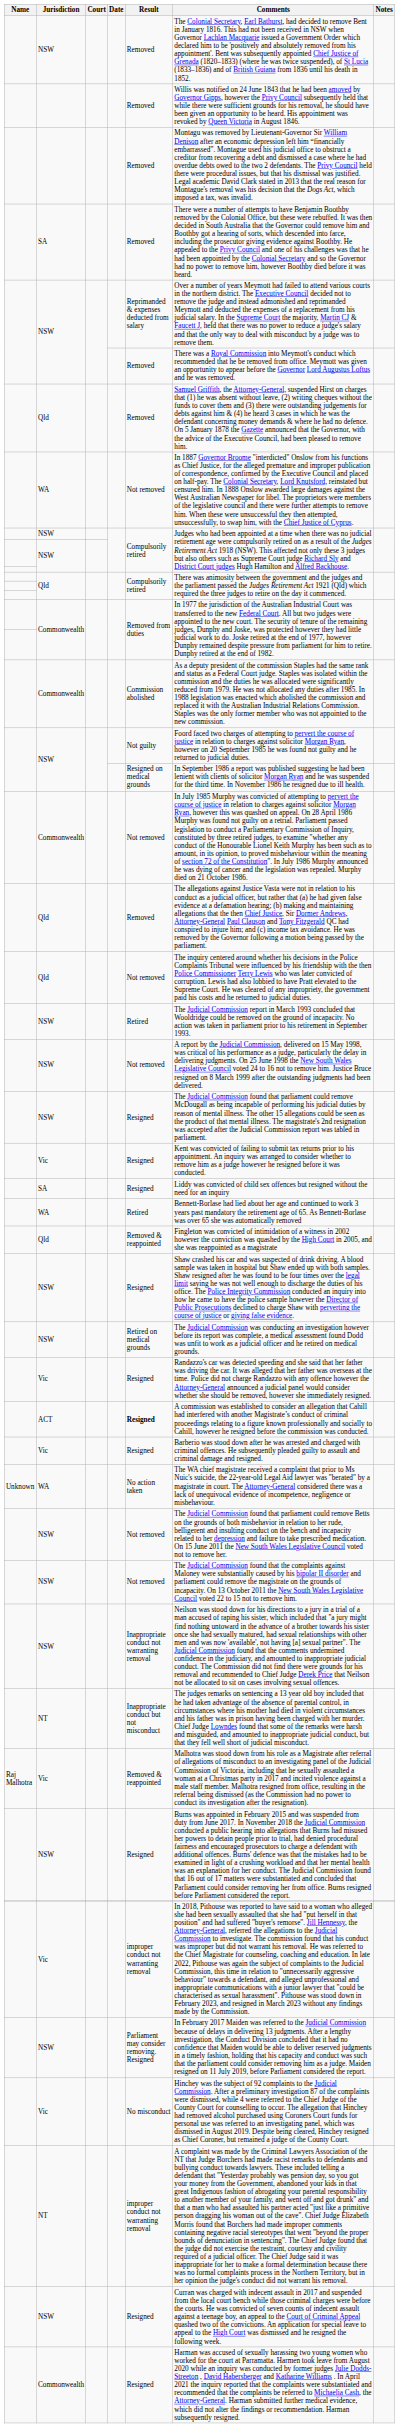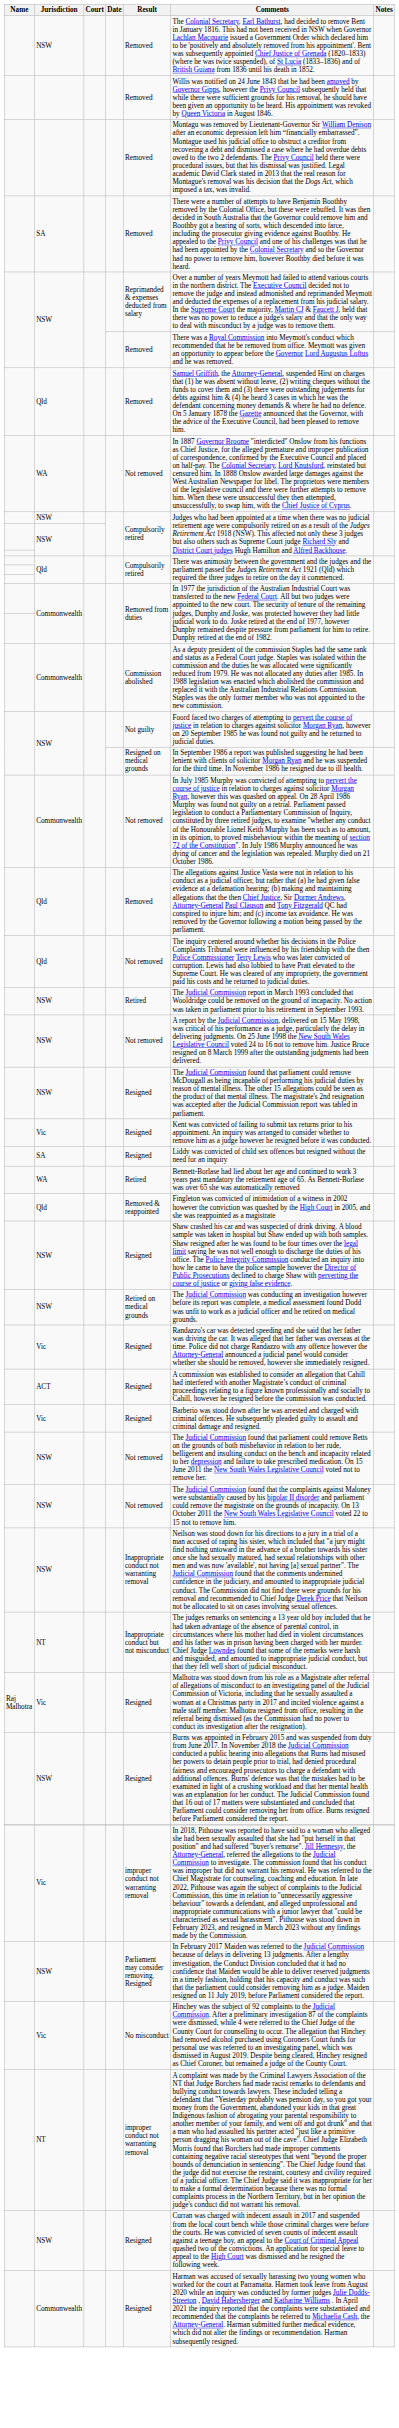 <table class="wikitable sortable" border="1" ||>
 <tr>
 <th>Name</th>
 <th>Jurisdiction</th>
 <th>Court</th>
 <th>Date</th>
 <th>Result</th>
 <th class="unsortable">Comments</th>
 <th class="unsortable">Notes</th>
 </tr>
 <tr>
 <td></td>
 <td>NSW</td>
 <td></td>
 <td></td>
 <td>Removed</td>
 <td>The <a href='#'>Colonial Secretary</a>, <a href='#'>Earl Bathurst</a>, had decided to remove Bent in January 1816. This had not been received in NSW when Governor <a href='#'>Lachlan Macquarie</a> issued a Government Order which declared him to be 'positively and absolutely removed from his appointment'. Bent was subsequently appointed <a href='#'>Chief Justice of Grenada</a> (1820–1833) (where he was twice suspended), of <a href='#'>St Lucia</a> (1833–1836) and of <a href='#'>British Guiana</a> from 1836 until his death in 1852.</td>
 <td></td>
 </tr>
 <tr>
 <td></td>
 <td></td>
 <td></td>
 <td></td>
 <td>Removed</td>
 <td>Willis was notified on 24 June 1843 that he had been <a href='#'>amoved</a> by <a href='#'>Governor Gipps</a>, however the <a href='#'>Privy Council</a> subsequently held that while there were sufficient grounds for his removal, he should have been given an opportunity to be heard. His appointment was revoked by <a href='#'>Queen Victoria</a> in August 1846.</td>
 <td></td>
 </tr>
 <tr>
 <td></td>
 <td></td>
 <td></td>
 <td></td>
 <td>Removed</td>
 <td>Montagu was removed by Lieutenant-Governor Sir <a href='#'>William Denison</a> after an economic depression left him “financially embarrassed”. Montague used his judicial office to obstruct a creditor from recovering a debt and dismissed a case where he had overdue debts owed to the two 2 defendants. The <a href='#'>Privy Council</a> held there were procedural issues, but that his dismissal was justified. Legal academic David Clark stated in 2013 that the real reason for Montague's removal was his decision that the <em>Dogs Act</em>, which imposed a tax, was invalid.</td>
 <td></td>
 </tr>
 <tr>
 <td></td>
 <td>SA</td>
 <td></td>
 <td></td>
 <td>Removed</td>
 <td>There were a number of attempts to have Benjamin Boothby removed by the Colonial Office, but these were rebuffed. It was then decided in South Australia that the Governor could remove him and Boothby got a hearing of sorts, which descended into farce, including the prosecutor giving evidence against Boothby. He appealed to the <a href='#'>Privy Council</a> and one of his challenges was that he had been appointed by the <a href='#'>Colonial Secretary</a> and so the Governor had no power to remove him, however Boothby died before it was heard.</td>
 <td></td>
 </tr>
 <tr>
 <td rowspan="2"></td>
 <td rowspan="2">NSW</td>
 <td rowspan="2"></td>
 <td></td>
 <td>Reprimanded & expenses deducted from salary</td>
 <td>Over a number of years Meymott had failed to attend various courts in the northern district. The <a href='#'>Executive Council</a> decided not to remove the judge and instead admonished and reprimanded Meymott and deducted the expenses of a replacement from his judicial salary.  In the <a href='#'>Supreme Court</a> the majority, <a href='#'>Martin CJ</a> & <a href='#'>Faucett J</a>, held that there was no power to reduce a judge's salary and that the only way to deal with misconduct by a judge was to remove them.</td>
 <td></td>
 </tr>
 <tr>
 <td></td>
 <td>Removed</td>
 <td>There was a <a href='#'>Royal Commission</a> into Meymott's conduct which recommended that he be removed from office. Meymott was given an opportunity to appear before the <a href='#'>Governor</a> <a href='#'>Lord Augustus Loftus</a> and he was removed.</td>
 <td></td>
 </tr>
 <tr>
 <td></td>
 <td>Qld</td>
 <td></td>
 <td></td>
 <td>Removed</td>
 <td><a href='#'>Samuel Griffith</a>, the <a href='#'>Attorney-General</a>, suspended Hirst on charges that (1) he was absent without leave, (2) writing cheques without the funds to cover them and (3) there were outstanding judgements for debts against him & (4) he heard 3 cases in which he was the defendant concerning money demands & where he had no defence. On 5 January 1878 the <a href='#'>Gazette</a> announced that the Governor, with the advice of the Executive Council, had been pleased to remove him.</td>
 <td></td>
 </tr>
 <tr>
 <td></td>
 <td>WA</td>
 <td></td>
 <td></td>
 <td>Not removed</td>
 <td>In 1887 <a href='#'>Governor Broome</a> "interdicted" Onslow from his functions as Chief Justice, for the alleged premature and improper publication of correspondence, confirmed by the Executive Council and placed on half-pay. The <a href='#'>Colonial Secretary</a>, <a href='#'>Lord Knutsford</a>, reinstated but censured him. In 1888 Onslow awarded large damages against the West Australian Newspaper for libel. The proprietors were members of the legislative council and there were further attempts to remove him. When these were unsuccessful they then attempted, unsuccessfully, to swap him, with the <a href='#'>Chief Justice of Cyprus</a>.</td>
 <td></td>
 </tr>
 <tr>
 <td><br></td>
 <td>NSW</td>
 <td></td>
 <td rowspan=3></td>
 <td rowspan=3>Compulsorily retired</td>
 <td rowspan=3>Judges who had been appointed at a time when there was no judicial retirement age were compulsorily retired on as a result of the <em>Judges Retirement Act</em> 1918 (NSW). This affected not only these 3 judges but also others such as Supreme Court judge <a href='#'>Richard Sly</a> and <a href='#'>District Court judges</a> Hugh Hamilton and <a href='#'>Alfred Backhouse</a>.</td>
 <td rowspan=3></td>
 </tr>
 <tr>
 <td></td>
 <td rowspan=2>NSW</td>
 <td rowspan=2></td>
 </tr>
 <tr>
 <td></td>
 </tr>
 <tr>
 <td></td>
 <td rowspan=3>Qld</td>
 <td rowspan=3></td>
 <td rowspan=3></td>
 <td rowspan=3>Compulsorily retired</td>
 <td rowspan=3>There was animosity between the government and the judges and the parliament passed the <em>Judges Retirement Act</em> 1921 (Qld) which required the three judges to retire on the day it commenced.</td>
 <td rowspan=3></td>
 </tr>
 <tr>
 <td></td>
 </tr>
 <tr>
 <td></td>
 </tr>
 <tr>
 <td></td>
 <td rowspan=2>Commonwealth</td>
 <td rowspan=2></td>
 <td rowspan=2></td>
 <td rowspan=2>Removed from duties</td>
 <td rowspan=2>In 1977 the jurisdiction of the Australian Industrial Court was transferred to the new <a href='#'>Federal Court</a>. All but two judges were appointed to the new court. The security of tenure of the remaining judges, Dunphy and Joske, was protected however they had little judicial work to do. Joske retired at the end of 1977, however Dunphy remained despite pressure from parliament for him to retire. Dunphy retired at the end of 1982.</td>
 <td rowspan=2><br></td>
 </tr>
 <tr>
 <td></td>
 </tr>
 <tr>
 <td></td>
 <td>Commonwealth</td>
 <td></td>
 <td></td>
 <td>Commission abolished</td>
 <td>As a deputy president of the commission Staples had the same rank and status as a Federal Court judge. Staples was isolated within the commission and the duties he was allocated were significantly reduced from 1979. He was not allocated any duties after 1985. In 1988 legislation was enacted which abolished the commission and replaced it with the Australian Industrial Relations Commission. Staples was the only former member who was not appointed to the new commission.</td>
 <td></td>
 </tr>
 <tr>
 <td rowspan=2></td>
 <td rowspan=2>NSW</td>
 <td rowspan=2></td>
 <td></td>
 <td>Not guilty</td>
 <td>Foord faced two charges of attempting to <a href='#'>pervert the course of justice</a> in relation to charges against solicitor <a href='#'>Morgan Ryan</a>, however on 20 September 1985 he was found not guilty and he returned to judicial duties.</td>
 <td></td>
 </tr>
 <tr>
 <td></td>
 <td>Resigned on medical grounds</td>
 <td>In September 1986 a report was published suggesting he had been lenient with clients of solicitor <a href='#'>Morgan Ryan</a> and he was suspended for the third time. In November 1986 he resigned due to ill health.</td>
 <td></td>
 </tr>
 <tr>
 <td></td>
 <td>Commonwealth</td>
 <td></td>
 <td></td>
 <td>Not removed</td>
 <td>In July 1985 Murphy was convicted of attempting to <a href='#'>pervert the course of justice</a> in relation to charges against solicitor <a href='#'>Morgan Ryan</a>, however this was quashed on appeal. On 28 April 1986 Murphy was found not guilty on a retrial. Parliament passed legislation to conduct a Parliamentary Commission of Inquiry, constituted by three retired judges, to examine "whether any conduct of the Honourable Lionel Keith Murphy has been such as to amount, in its opinion, to proved misbehaviour within the meaning of <a href='#'>section 72 of the Constitution</a>". In July 1986 Murphy announced he was dying of cancer and the legislation was repealed. Murphy died on 21 October 1986.</td>
 <td></td>
 </tr>
 <tr>
 <td></td>
 <td>Qld</td>
 <td></td>
 <td></td>
 <td>Removed</td>
 <td>The allegations against Justice Vasta were not in relation to his conduct as a judicial officer, but rather that (a) he had given false evidence at a defamation hearing; (b) making and maintaining allegations that the then <a href='#'>Chief Justice</a>, Sir <a href='#'>Dormer Andrews</a>, <a href='#'>Attorney-General</a> <a href='#'>Paul Clauson</a> and <a href='#'>Tony Fitzgerald</a> QC had conspired to injure him; and (c) income tax avoidance. He was removed by the Governor following a motion being passed by the parliament.</td>
 <td></td>
 </tr>
 <tr>
 <td></td>
 <td>Qld</td>
 <td></td>
 <td></td>
 <td>Not removed</td>
 <td>The inquiry centered around whether his decisions in the Police Complaints Tribunal were influenced by his friendship with the then <a href='#'>Police Commissioner</a> <a href='#'>Terry Lewis</a> who was later convicted of corruption. Lewis had also lobbied to have Pratt elevated to the Supreme Court. He was cleared of any impropriety, the government paid his costs and he returned to judicial duties.</td>
 <td></td>
 </tr>
 <tr>
 <td></td>
 <td>NSW</td>
 <td></td>
 <td></td>
 <td>Retired</td>
 <td>The <a href='#'>Judicial Commission</a> report in March 1993 concluded that Wooldridge could be removed on the ground of incapacity. No action was taken in parliament prior to his retirement in September 1993.</td>
 <td></td>
 </tr>
 <tr>
 <td></td>
 <td>NSW</td>
 <td></td>
 <td></td>
 <td>Not removed</td>
 <td>A report by the <a href='#'>Judicial Commission</a>, delivered on 15 May 1998, was critical of his performance as a judge, particularly the delay in delivering judgments. On 25 June 1998 the <a href='#'>New South Wales Legislative Council</a> voted 24 to 16 not to remove him. Justice Bruce resigned on 8 March 1999 after the outstanding judgments had been delivered.</td>
 <td></td>
 </tr>
 <tr>
 <td></td>
 <td>NSW</td>
 <td></td>
 <td></td>
 <td>Resigned</td>
 <td>The <a href='#'>Judicial Commission</a> found that parliament could remove McDougall as being incapable of performing his judicial duties by reason of mental illness. The other 15 allegations could be seen as the product of that mental illness. The magistrate's 2nd resignation was accepted after the Judicial Commission report was tabled in parliament.</td>
 <td></td>
 </tr>
 <tr>
 <td></td>
 <td>Vic</td>
 <td></td>
 <td></td>
 <td>Resigned</td>
 <td>Kent was convicted of failing to submit tax returns prior to his appointment. An inquiry was arranged to consider whether to remove him as a judge however he resigned before it was conducted.</td>
 <td></td>
 </tr>
 <tr>
 <td></td>
 <td>SA</td>
 <td></td>
 <td></td>
 <td>Resigned</td>
 <td>Liddy was convicted of child sex offences but resigned without the need for an inquiry</td>
 <td></td>
 </tr>
 <tr>
 <td></td>
 <td>WA</td>
 <td></td>
 <td></td>
 <td>Retired</td>
 <td>Bennett-Borlase had lied about her age and continued to work 3 years past mandatory the retirement age of 65. As Bennett-Borlase was over 65 she was automatically removed</td>
 <td></td>
 </tr>
 <tr>
 <td></td>
 <td>Qld</td>
 <td></td>
 <td></td>
 <td>Removed & reappointed</td>
 <td>Fingleton was convicted of intimidation of a witness in 2002 however the conviction was quashed by the <a href='#'>High Court</a> in 2005, and she was reappointed as a magistrate</td>
 <td></td>
 </tr>
 <tr>
 <td></td>
 <td>NSW</td>
 <td></td>
 <td></td>
 <td>Resigned</td>
 <td>Shaw crashed his car and was suspected of drink driving. A blood sample was taken in hospital but Shaw ended up with both samples. Shaw resigned after he was found to be four times over the <a href='#'>legal limit</a> saying he was not well enough to discharge the duties of his office. The <a href='#'>Police Integrity Commission</a> conducted an inquiry into how he came to have the police sample however the <a href='#'>Director of Public Prosecutions</a> declined to charge Shaw with <a href='#'>perverting the course of justice</a> or <a href='#'>giving false evidence</a>.</td>
 <td></td>
 </tr>
 <tr>
 <td></td>
 <td>NSW</td>
 <td></td>
 <td></td>
 <td>Retired on medical grounds</td>
 <td>The <a href='#'>Judicial Commission</a> was conducting an investigation however before its report was complete, a medical assessment found Dodd was unfit to work as a judicial officer and he retired on medical grounds.</td>
 <td></td>
 </tr>
 <tr>
 <td></td>
 <td>Vic</td>
 <td></td>
 <td></td>
 <td>Resigned</td>
 <td>Randazzo's car was detected speeding and she said that her father was driving the car. It was alleged that her father was overseas at the time. Police did not charge Randazzo with any offence however the <a href='#'>Attorney-General</a> announced a judicial panel would consider whether she should be removed, however she immediately resigned.</td>
 <td></td>
 </tr>
 <tr>
 <td></td>
 <td>ACT</td>
 <td></td>
 <td></td>
-<td><strong>Resigned</strong></td>
+<td>Resigned</td>
 <td>A commission was established to consider an allegation that Cahill had interfered with another Magistrate’s conduct of criminal proceedings relating to a figure known professionally and socially to Cahill, however he resigned before the commission was conducted.</td>
 <td></td>
 </tr>
 <tr>
 <td></td>
 <td>Vic</td>
 <td></td>
 <td></td>
 <td>Resigned</td>
 <td>Barberio was stood down after he was arrested and charged with criminal offences. He subsequently pleaded guilty to assault and criminal damage and resigned.</td>
-<td></td>
-</tr>
-<tr>
-<td>Unknown</td>
-<td>WA</td>
-<td></td>
-<td></td>
-<td>No action taken</td>
-<td>The WA chief magistrate received a complaint that prior to Ms Nuic's suicide, the 22-year-old Legal Aid lawyer was "berated" by a magistrate in court. The <a href='#'>Attorney-General</a> considered there was a lack of unequivocal evidence of incompetence, negligence or misbehaviour.</td>
 <td></td>
 </tr>
 <tr>
 <td></td>
 <td>NSW</td>
 <td></td>
 <td></td>
 <td>Not removed</td>
 <td>The <a href='#'>Judicial Commission</a> found that parliament could remove Betts on the grounds of both misbehavior in relation to her rude, belligerent and insulting conduct on the bench and incapacity related to her <a href='#'>depression</a> and failure to take prescribed medication. On 15 June 2011 the <a href='#'>New South Wales Legislative Council</a> voted not to remove her.</td>
 <td><br></td>
 </tr>
 <tr>
 <td></td>
 <td>NSW</td>
 <td></td>
 <td></td>
 <td>Not removed</td>
 <td>The <a href='#'>Judicial Commission</a> found that the complaints against Maloney were substantially caused by his <a href='#'>bipolar II disorder</a> and parliament could remove the magistrate on the grounds of incapacity. On 13 October 2011 the <a href='#'>New South Wales Legislative Council</a> voted 22 to 15 not to remove him.</td>
 <td></td>
 </tr>
 <tr>
 <td></td>
 <td>NSW</td>
 <td></td>
 <td></td>
 <td>Inappropriate conduct not warranting removal</td>
 <td>Neilson was stood down for his directions to a jury in a trial of a man accused of raping his sister, which included that "a jury might find nothing untoward in the advance of a brother towards his sister once she had sexually matured, had sexual relationships with other men and was now 'available', not having [a] sexual partner". The <a href='#'>Judicial Commission</a> found that the  comments undermined confidence in the judiciary, and amounted to inappropriate judicial conduct. The Commission did not find there were grounds for his removal and recommended to Chief Judge <a href='#'>Derek Price</a> that Neilson not be allocated to sit on cases involving sexual offences.</td>
 <td></td>
 </tr>
 <tr>
 <td></td>
 <td>NT</td>
 <td></td>
 <td></td>
 <td>Inappropriate conduct but not misconduct</td>
 <td>The judges remarks on sentencing a 13 year old boy included that he had taken advantage of the absence of parental control, in circumstances where his mother had died in violent circumstances and his father was in prison having been charged with her murder. Chief Judge <a href='#'>Lowndes</a> found that some of the remarks were harsh and misguided, and amounted to inappropriate judicial conduct, but that they fell well short of judicial misconduct.</td>
 <td></td>
 </tr>
 <tr>
 <td>Raj Malhotra</td>
 <td>Vic</td>
 <td></td>
 <td></td>
-<td>Removed & reappointed</td>
+<td>Resigned</td>
 <td>Malhotra was stood down from his role as a Magistrate after referral of allegations of misconduct to an investigating panel of the Judicial Commission of Victoria, including that he sexually assaulted a woman at a Christmas party in 2017 and incited violence against a male staff member. Malhotra resigned from office, resulting in the referral being dismissed (as the Commission had no power to conduct its investigation after the resignation).</td>
 <td></td>
 </tr>
 <tr>
 <td></td>
 <td>NSW</td>
 <td></td>
 <td></td>
 <td>Resigned</td>
 <td>Burns was appointed in February 2015 and was suspended from duty from June 2017. In November 2018 the <a href='#'>Judicial Commission</a> conducted a public hearing into allegations that Burns had misused her powers to detain people prior to trial, had denied procedural fairness and encouraged prosecutors to charge a defendant with additional offences. Burns' defence was that the mistakes had to be examined in light of a crushing workload and that her mental health was an explanation for her conduct. The Judicial Commission found that 16 out of 17 matters were substantiated and concluded that Parliament could consider removing her from office. Burns resigned before Parliament considered the report.</td>
 <td></td>
 </tr>
 <tr>
 </tr>
 <tr>
 <td></td>
 <td>Vic</td>
 <td></td>
 <td></td>
 <td>improper conduct not warranting removal</td>
 <td>In 2018, Pithouse was reported to have said to a woman who alleged she had been sexually assaulted that she had "put herself in that position" and had suffered "buyer's remorse". <a href='#'>Jill Hennessy</a>, the <a href='#'>Attorney-General</a>, referred the allegations to the <a href='#'>Judicial Commission</a> to investigate. The commission found that his conduct was improper but did not warrant his removal. He was referred to the Chief Magistrate for counseling, coaching and education.  In late 2022, Pithouse was again the subject of complaints to the Judicial Commission, this time in relation to "unnecessarily aggressive behaviour" towards a defendant, and alleged unprofessional and inappropriate communications with a junior lawyer that "could be characterised as sexual harassment".  Pithouse was stood down in February 2023, and resigned in March 2023 without any findings made by the Commission.</td>
 <td></td>
 </tr>
 <tr>
 <td></td>
 <td>NSW</td>
 <td></td>
 <td></td>
 <td>Parliament may consider removing. Resigned</td>
 <td>In February 2017 Maiden was referred to the <a href='#'>Judicial Commission</a> because of delays in delivering 13 judgments. After a lengthy investigation, the Conduct Division concluded that it had no confidence that Maiden would be able to deliver reserved judgments in a timely fashion, holding that his capacity and conduct was such that the parliament could consider removing him as a judge. Maiden resigned on 11 July 2019, before Parliament considered the report.</td>
 <td></td>
 </tr>
 <tr>
 <td></td>
 <td>Vic</td>
 <td></td>
 <td></td>
 <td>No misconduct</td>
 <td>Hinchey was the subject of 92 complaints to the <a href='#'>Judicial Commission</a>.  After a preliminary investigation 87 of the complaints were dismissed, while 4 were referred to the Chief Judge of the County Court for counselling to occur. The allegation that Hinchey had removed alcohol purchased using Coroners Court funds for personal use was referred to an investigating panel, which was dismissed in August 2019. Despite being cleared, Hinchey resigned as Chief Coroner, but remained a judge of the County Court.</td>
 <td></td>
 </tr>
 <tr>
 <td></td>
 <td>NT</td>
 <td></td>
 <td></td>
 <td>improper conduct not warranting removal</td>
 <td>A complaint was made by the Criminal Lawyers Association of the NT that Judge Borchers had made racist remarks to defendants and bullying conduct towards lawyers. These included telling a defendant that "Yesterday probably was pension day, so you got your money from the Government, abandoned your kids in that great Indigenous fashion of abrogating your parental responsibility to another member of your family, and went off and got drunk" and that a  man who had assaulted his partner acted "just like a primitive person dragging his woman out of the cave". Chief Judge Elizabeth Morris found that Borchers had made improper comments containing negative racial stereotypes that went "beyond the proper bounds of denunciation in sentencing". The Chief Judge found that the judge did not exercise the restraint, courtesy and civility required of a judicial officer. The Chief Judge said it was inappropriate for her to make a formal determination because there was no formal complaints process in the Northern Territory, but in her opinion the judge's conduct did not warrant his removal.</td>
 <td></td>
 </tr>
 <tr>
 <td></td>
 <td>NSW</td>
 <td></td>
 <td></td>
 <td>Resigned</td>
 <td>Curran was charged with indecent assault in 2017 and suspended from the local court bench while those criminal charges were before the courts. He was convicted of seven counts of indecent assault against a teenage boy, an appeal to the <a href='#'>Court of Criminal Appeal</a> quashed two of the convictions. An application for special leave to appeal to the <a href='#'>High Court</a> was dismissed and he resigned the following week.</td>
 <td></td>
 </tr>
 <tr>
 <td></td>
 <td>Commonwealth</td>
 <td></td>
 <td></td>
 <td>Resigned</td>
 <td>Harman was accused of sexually harassing two young women who worked for the court at Parramatta. Harmen took leave from August 2020 while an inquiry was conducted by former judges <a href='#'>Julie Dodds-Streeton</a> , <a href='#'>David Habersberger</a>  and <a href='#'>Katharine Williams</a> . In April 2021 the inquiry reported that the complaints were substantiated and recommended that the complaints be referred to <a href='#'>Michaelia Cash</a>, the <a href='#'>Attorney-General</a>. Harman submitted further medical evidence, which did not alter the findings or recommendation. Harman subsequently resigned.</td>
 <td></td>
 </tr>
 </table>
